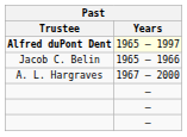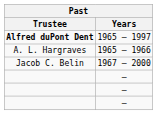 <table class="wikitable sortable" style="text-align:center">
 <tr>
 <th colspan=2 scope="col">Past</th>
 </tr>
 <tr>
 <th scope="col">Trustee</th>
 <th scope="col">Years</th>
 </tr>
 <tr>
 <td><strong>Alfred duPont Dent</strong></td>
-<td style="background: lightyellow;">1965 – 1997</td>
+<td>1965 – 1997</td>
+</tr>
+<tr>
+<td>A. L. Hargraves</td>
+<td>1965 – 1966</td>
 </tr>
 <tr>
 <td>Jacob C. Belin</td>
-<td>1965 – 1966</td>
-</tr>
-<tr>
-<td>A. L. Hargraves</td>
 <td>1967 – 2000</td>
 </tr>
 <tr>
 <td></td>
 <td>–</td>
 </tr>
 <tr>
 <td></td>
 <td>–</td>
 </tr>
 <tr>
 <td></td>
 <td>–</td>
 </tr>
 </table>
